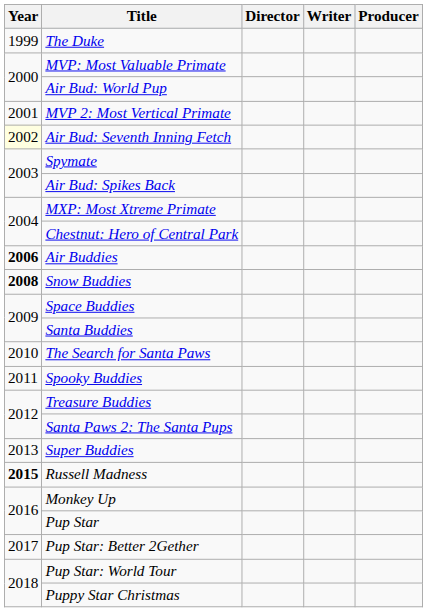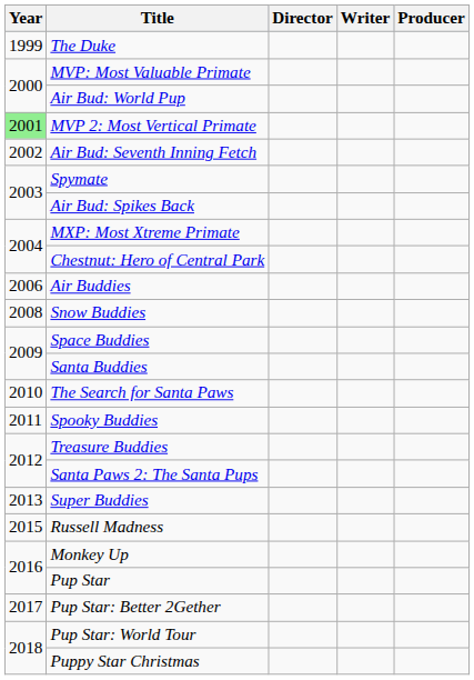 <table class="wikitable">
 <tr style="background:#b0c4de; text-align:center;">
 <th>Year</th>
 <th>Title</th>
 <th>Director</th>
 <th>Writer</th>
 <th>Producer</th>
 </tr>
 <tr>
 <td>1999</td>
 <td><em><a href='#'>The Duke</a></em></td>
 <td></td>
 <td></td>
 <td></td>
 </tr>
 <tr>
 <td rowspan="2">2000</td>
 <td><em><a href='#'>MVP: Most Valuable Primate</a></em></td>
 <td></td>
 <td></td>
 <td></td>
 </tr>
 <tr>
 <td><em><a href='#'>Air Bud: World Pup</a></em></td>
 <td></td>
 <td></td>
 <td></td>
 </tr>
 <tr>
-<td>2001</td>
+<td style="background: lightgreen;">2001</td>
 <td><em><a href='#'>MVP 2: Most Vertical Primate</a></em></td>
 <td></td>
 <td></td>
 <td></td>
 </tr>
 <tr>
-<td style="background: lightyellow;">2002</td>
+<td>2002</td>
 <td><em><a href='#'>Air Bud: Seventh Inning Fetch</a></em></td>
 <td></td>
 <td></td>
 <td></td>
 </tr>
 <tr>
 <td rowspan="2">2003</td>
 <td><em><a href='#'>Spymate</a></em></td>
 <td></td>
 <td></td>
 <td></td>
 </tr>
 <tr>
 <td><em><a href='#'>Air Bud: Spikes Back</a></em></td>
 <td></td>
 <td></td>
 <td></td>
 </tr>
 <tr>
 <td rowspan="2">2004</td>
 <td><em><a href='#'>MXP: Most Xtreme Primate</a></em></td>
 <td></td>
 <td></td>
 <td></td>
 </tr>
 <tr>
 <td><em><a href='#'>Chestnut: Hero of Central Park</a></em></td>
 <td></td>
 <td></td>
 <td></td>
 </tr>
 <tr>
-<td><strong>2006</strong></td>
+<td>2006</td>
 <td><em><a href='#'>Air Buddies</a></em></td>
 <td></td>
 <td></td>
 <td></td>
 </tr>
 <tr>
-<td><strong>2008</strong></td>
+<td>2008</td>
 <td><em><a href='#'>Snow Buddies</a></em></td>
 <td></td>
 <td></td>
 <td></td>
 </tr>
 <tr>
 <td rowspan="2">2009</td>
 <td><em><a href='#'>Space Buddies</a></em></td>
 <td></td>
 <td></td>
 <td></td>
 </tr>
 <tr>
 <td><em><a href='#'>Santa Buddies</a></em></td>
 <td></td>
 <td></td>
 <td></td>
 </tr>
 <tr>
 <td>2010</td>
 <td><em><a href='#'>The Search for Santa Paws</a></em></td>
 <td></td>
 <td></td>
 <td></td>
 </tr>
 <tr>
 <td>2011</td>
 <td><em><a href='#'>Spooky Buddies</a></em></td>
 <td></td>
 <td></td>
 <td></td>
 </tr>
 <tr>
 <td rowspan="2">2012</td>
 <td><em><a href='#'>Treasure Buddies</a></em></td>
 <td></td>
 <td></td>
 <td></td>
 </tr>
 <tr>
 <td><em><a href='#'>Santa Paws 2: The Santa Pups</a></em></td>
 <td></td>
 <td></td>
 <td></td>
 </tr>
 <tr>
 <td>2013</td>
 <td><em><a href='#'>Super Buddies</a></em></td>
 <td></td>
 <td></td>
 <td></td>
 </tr>
 <tr>
-<td><strong>2015</strong></td>
+<td>2015</td>
 <td><em>Russell Madness</em></td>
 <td></td>
 <td></td>
 <td></td>
 </tr>
 <tr>
 <td rowspan="2">2016</td>
 <td><em>Monkey Up</em></td>
 <td></td>
 <td></td>
 <td></td>
 </tr>
 <tr>
 <td><em>Pup Star</em></td>
 <td></td>
 <td></td>
 <td></td>
 </tr>
 <tr>
 <td>2017</td>
 <td><em>Pup Star: Better 2Gether</em></td>
 <td></td>
 <td></td>
 <td></td>
 </tr>
 <tr>
 <td rowspan="2">2018</td>
 <td><em>Pup Star: World Tour</em></td>
 <td></td>
 <td></td>
 <td></td>
 </tr>
 <tr>
 <td><em>Puppy Star Christmas</em></td>
 <td></td>
 <td></td>
 <td></td>
 </tr>
 </table>
